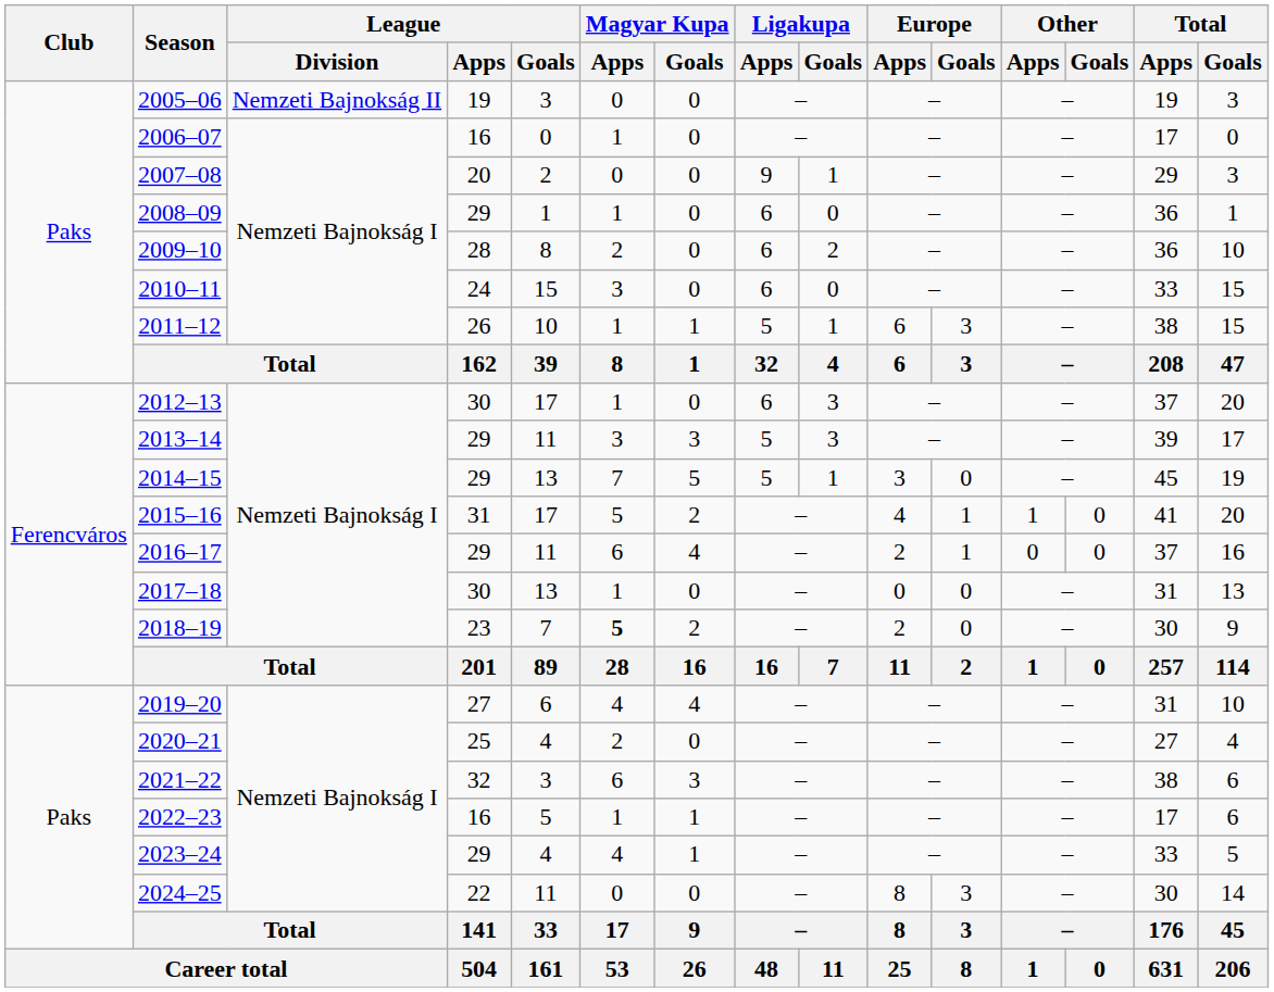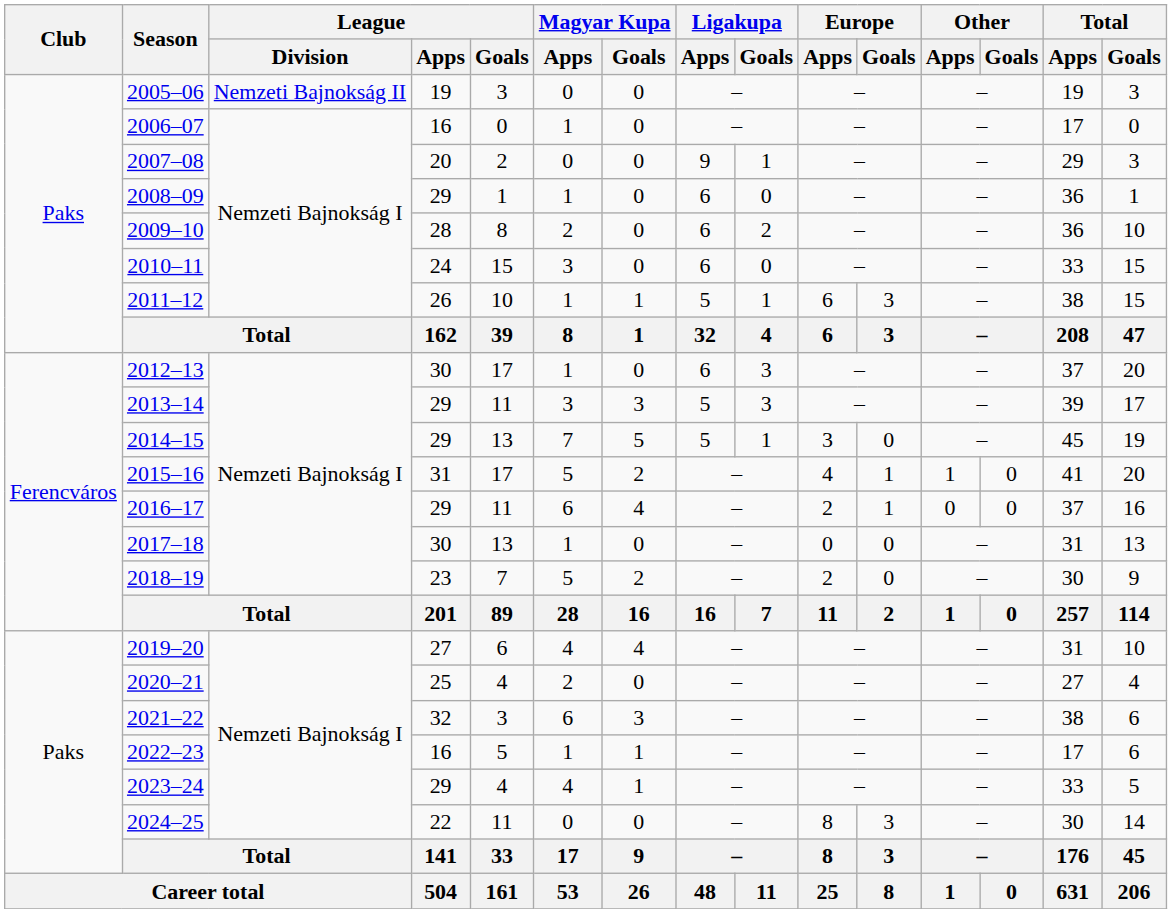 <table class="wikitable" style="text-align:center">
 <tr>
 <th rowspan="2">Club</th>
 <th rowspan="2">Season</th>
 <th colspan="3">League</th>
 <th colspan="2"><a href='#'>Magyar Kupa</a></th>
 <th colspan="2"><a href='#'>Ligakupa</a></th>
 <th colspan="2">Europe</th>
 <th colspan="2">Other</th>
 <th colspan="2">Total</th>
 </tr>
 <tr>
 <th>Division</th>
 <th>Apps</th>
 <th>Goals</th>
 <th>Apps</th>
 <th>Goals</th>
 <th>Apps</th>
 <th>Goals</th>
 <th>Apps</th>
 <th>Goals</th>
 <th>Apps</th>
 <th>Goals</th>
 <th>Apps</th>
 <th>Goals</th>
 </tr>
 <tr>
 <td rowspan="8"><a href='#'>Paks</a></td>
 <td><a href='#'>2005–06</a></td>
 <td><a href='#'>Nemzeti Bajnokság II</a></td>
 <td>19</td>
 <td>3</td>
 <td>0</td>
 <td>0</td>
 <td colspan="2">–</td>
 <td colspan="2">–</td>
 <td colspan="2">–</td>
 <td>19</td>
 <td>3</td>
 </tr>
 <tr>
 <td><a href='#'>2006–07</a></td>
 <td rowspan="6">Nemzeti Bajnokság I</td>
 <td>16</td>
 <td>0</td>
 <td>1</td>
 <td>0</td>
 <td colspan="2">–</td>
 <td colspan="2">–</td>
 <td colspan="2">–</td>
 <td>17</td>
 <td>0</td>
 </tr>
 <tr>
 <td><a href='#'>2007–08</a></td>
 <td>20</td>
 <td>2</td>
 <td>0</td>
 <td>0</td>
 <td>9</td>
 <td>1</td>
 <td colspan="2">–</td>
 <td colspan="2">–</td>
 <td>29</td>
 <td>3</td>
 </tr>
 <tr>
 <td><a href='#'>2008–09</a></td>
 <td>29</td>
 <td>1</td>
 <td>1</td>
 <td>0</td>
 <td>6</td>
 <td>0</td>
 <td colspan="2">–</td>
 <td colspan="2">–</td>
 <td>36</td>
 <td>1</td>
 </tr>
 <tr>
 <td><a href='#'>2009–10</a></td>
 <td>28</td>
 <td>8</td>
 <td>2</td>
 <td>0</td>
 <td>6</td>
 <td>2</td>
 <td colspan="2">–</td>
 <td colspan="2">–</td>
 <td>36</td>
 <td>10</td>
 </tr>
 <tr>
 <td><a href='#'>2010–11</a></td>
 <td>24</td>
 <td>15</td>
 <td>3</td>
 <td>0</td>
 <td>6</td>
 <td>0</td>
 <td colspan="2">–</td>
 <td colspan="2">–</td>
 <td>33</td>
 <td>15</td>
 </tr>
 <tr>
 <td><a href='#'>2011–12</a></td>
 <td>26</td>
 <td>10</td>
 <td>1</td>
 <td>1</td>
 <td>5</td>
 <td>1</td>
 <td>6</td>
 <td>3</td>
 <td colspan="2">–</td>
 <td>38</td>
 <td>15</td>
 </tr>
 <tr>
 <th colspan="2">Total</th>
 <th>162</th>
 <th>39</th>
 <th>8</th>
 <th>1</th>
 <th>32</th>
 <th>4</th>
 <th>6</th>
 <th>3</th>
 <th colspan="2">–</th>
 <th>208</th>
 <th>47</th>
 </tr>
 <tr>
 <td rowspan="8"><a href='#'>Ferencváros</a></td>
 <td><a href='#'>2012–13</a></td>
 <td rowspan="7">Nemzeti Bajnokság I</td>
 <td>30</td>
 <td>17</td>
 <td>1</td>
 <td>0</td>
 <td>6</td>
 <td>3</td>
 <td colspan="2">–</td>
 <td colspan="2">–</td>
 <td>37</td>
 <td>20</td>
 </tr>
 <tr>
 <td><a href='#'>2013–14</a></td>
 <td>29</td>
 <td>11</td>
 <td>3</td>
 <td>3</td>
 <td>5</td>
 <td>3</td>
 <td colspan="2">–</td>
 <td colspan="2">–</td>
 <td>39</td>
 <td>17</td>
 </tr>
 <tr>
 <td><a href='#'>2014–15</a></td>
 <td>29</td>
 <td>13</td>
 <td>7</td>
 <td>5</td>
 <td>5</td>
 <td>1</td>
 <td>3</td>
 <td>0</td>
 <td colspan="2">–</td>
 <td>45</td>
 <td>19</td>
 </tr>
 <tr>
 <td><a href='#'>2015–16</a></td>
 <td>31</td>
 <td>17</td>
 <td>5</td>
 <td>2</td>
 <td colspan="2">–</td>
 <td>4</td>
 <td>1</td>
 <td>1</td>
 <td>0</td>
 <td>41</td>
 <td>20</td>
 </tr>
 <tr>
 <td><a href='#'>2016–17</a></td>
 <td>29</td>
 <td>11</td>
 <td>6</td>
 <td>4</td>
 <td colspan="2">–</td>
 <td>2</td>
 <td>1</td>
 <td>0</td>
 <td>0</td>
 <td>37</td>
 <td>16</td>
 </tr>
 <tr>
 <td><a href='#'>2017–18</a></td>
 <td>30</td>
 <td>13</td>
 <td>1</td>
 <td>0</td>
 <td colspan="2">–</td>
 <td>0</td>
 <td>0</td>
 <td colspan="2">–</td>
 <td>31</td>
 <td>13</td>
 </tr>
 <tr>
 <td><a href='#'>2018–19</a></td>
 <td>23</td>
 <td>7</td>
-<td><strong>5</strong></td>
+<td>5</td>
 <td>2</td>
 <td colspan="2">–</td>
 <td>2</td>
 <td>0</td>
 <td colspan="2">–</td>
 <td>30</td>
 <td>9</td>
 </tr>
 <tr>
 <th colspan="2">Total</th>
 <th>201</th>
 <th>89</th>
 <th>28</th>
 <th>16</th>
 <th>16</th>
 <th>7</th>
 <th>11</th>
 <th>2</th>
 <th>1</th>
 <th>0</th>
 <th>257</th>
 <th>114</th>
 </tr>
 <tr>
 <td rowspan="7">Paks</td>
 <td><a href='#'>2019–20</a></td>
 <td rowspan="6">Nemzeti Bajnokság I</td>
 <td>27</td>
 <td>6</td>
 <td>4</td>
 <td>4</td>
 <td colspan="2">–</td>
 <td colspan="2">–</td>
 <td colspan="2">–</td>
 <td>31</td>
 <td>10</td>
 </tr>
 <tr>
 <td><a href='#'>2020–21</a></td>
 <td>25</td>
 <td>4</td>
 <td>2</td>
 <td>0</td>
 <td colspan="2">–</td>
 <td colspan="2">–</td>
 <td colspan="2">–</td>
 <td>27</td>
 <td>4</td>
 </tr>
 <tr>
 <td><a href='#'>2021–22</a></td>
 <td>32</td>
 <td>3</td>
 <td>6</td>
 <td>3</td>
 <td colspan="2">–</td>
 <td colspan="2">–</td>
 <td colspan="2">–</td>
 <td>38</td>
 <td>6</td>
 </tr>
 <tr>
 <td><a href='#'>2022–23</a></td>
 <td>16</td>
 <td>5</td>
 <td>1</td>
 <td>1</td>
 <td colspan="2">–</td>
 <td colspan="2">–</td>
 <td colspan="2">–</td>
 <td>17</td>
 <td>6</td>
 </tr>
 <tr>
 <td><a href='#'>2023–24</a></td>
 <td>29</td>
 <td>4</td>
 <td>4</td>
 <td>1</td>
 <td colspan="2">–</td>
 <td colspan="2">–</td>
 <td colspan="2">–</td>
 <td>33</td>
 <td>5</td>
 </tr>
 <tr>
 <td><a href='#'>2024–25</a></td>
 <td>22</td>
 <td>11</td>
 <td>0</td>
 <td>0</td>
 <td colspan="2">–</td>
 <td>8</td>
 <td>3</td>
 <td colspan="2">–</td>
 <td>30</td>
 <td>14</td>
 </tr>
 <tr>
 <th colspan="2">Total</th>
 <th>141</th>
 <th>33</th>
 <th>17</th>
 <th>9</th>
 <th colspan="2">–</th>
 <th>8</th>
 <th>3</th>
 <th colspan="2">–</th>
 <th>176</th>
 <th>45</th>
 </tr>
 <tr>
 <th colspan="3">Career total</th>
 <th>504</th>
 <th>161</th>
 <th>53</th>
 <th>26</th>
 <th>48</th>
 <th>11</th>
 <th>25</th>
 <th>8</th>
 <th>1</th>
 <th>0</th>
 <th>631</th>
 <th>206</th>
 </tr>
 </table>
